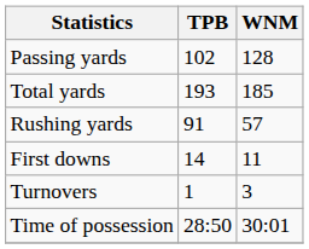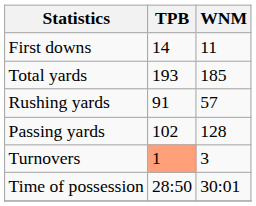 <table class="wikitable" style="float: left;">
 <tr>
 <th>Statistics</th>
 <th>TPB</th>
 <th>WNM</th>
 </tr>
 <tr>
-<td>Passing yards</td>
-<td>102</td>
-<td>128</td>
+<td>First downs</td>
+<td>14</td>
+<td>11</td>
 </tr>
 <tr>
 <td>Total yards</td>
 <td>193</td>
 <td>185</td>
 </tr>
 <tr>
 <td>Rushing yards</td>
 <td>91</td>
 <td>57</td>
 </tr>
 <tr>
-<td>First downs</td>
-<td>14</td>
-<td>11</td>
+<td>Passing yards</td>
+<td>102</td>
+<td>128</td>
 </tr>
 <tr>
 <td>Turnovers</td>
-<td>1</td>
+<td style="background: lightsalmon;">1</td>
 <td>3</td>
 </tr>
 <tr>
 <td>Time of possession</td>
 <td>28:50</td>
 <td>30:01</td>
 </tr>
 <tr>
 </tr>
 </table>
